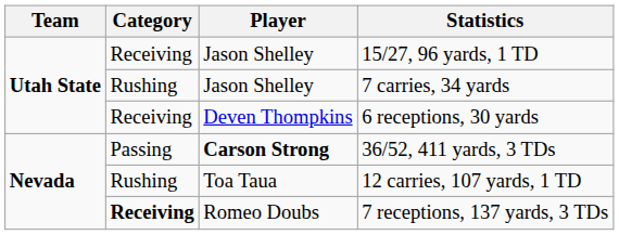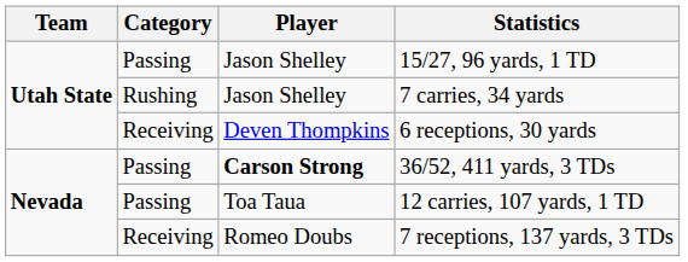 <table class="wikitable" style="float: left;">
 <tr>
 <th>Team</th>
 <th>Category</th>
 <th>Player</th>
 <th>Statistics</th>
 </tr>
 <tr>
 <td rowspan=3><strong>Utah State</strong></td>
-<td>Receiving</td>
+<td>Passing</td>
 <td>Jason Shelley</td>
 <td>15/27, 96 yards, 1 TD</td>
 </tr>
 <tr>
 <td>Rushing</td>
 <td>Jason Shelley</td>
 <td>7 carries, 34 yards</td>
 </tr>
 <tr>
 <td>Receiving</td>
 <td><a href='#'>Deven Thompkins</a></td>
 <td>6 receptions, 30 yards</td>
 </tr>
 <tr>
 <td rowspan=3><strong>Nevada</strong></td>
 <td>Passing</td>
 <td><strong>Carson Strong</strong></td>
 <td>36/52, 411 yards, 3 TDs</td>
 </tr>
 <tr>
-<td>Rushing</td>
+<td>Passing</td>
 <td>Toa Taua</td>
 <td>12 carries, 107 yards, 1 TD</td>
 </tr>
 <tr>
-<td><strong>Receiving</strong></td>
+<td>Receiving</td>
 <td>Romeo Doubs</td>
 <td>7 receptions, 137 yards, 3 TDs</td>
 </tr>
 </table>
